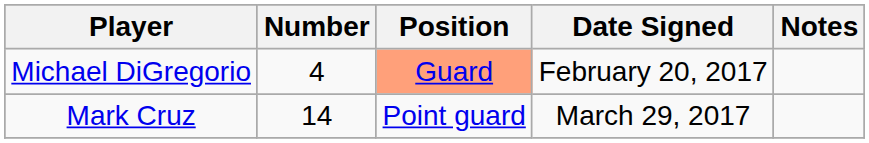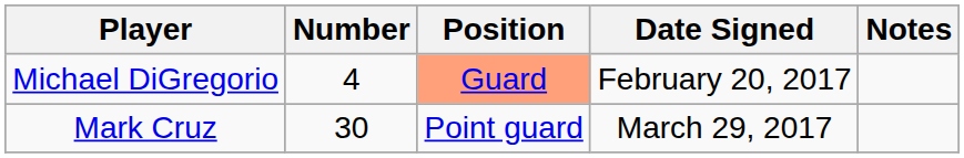 <table class="wikitable sortable sortable">
 <tr>
 <th>Player</th>
 <th>Number</th>
 <th>Position</th>
 <th>Date Signed</th>
 <th>Notes</th>
 </tr>
 <tr style="text-align: center">
 <td><a href='#'>Michael DiGregorio</a></td>
 <td>4</td>
 <td style="background: lightsalmon;"><a href='#'>Guard</a></td>
 <td>February 20, 2017</td>
 <td></td>
 </tr>
 <tr style="text-align: center">
 <td><a href='#'>Mark Cruz</a></td>
-<td>14</td>
+<td>30</td>
 <td><a href='#'>Point guard</a></td>
 <td>March 29, 2017</td>
 <td></td>
 </tr>
 </table>
